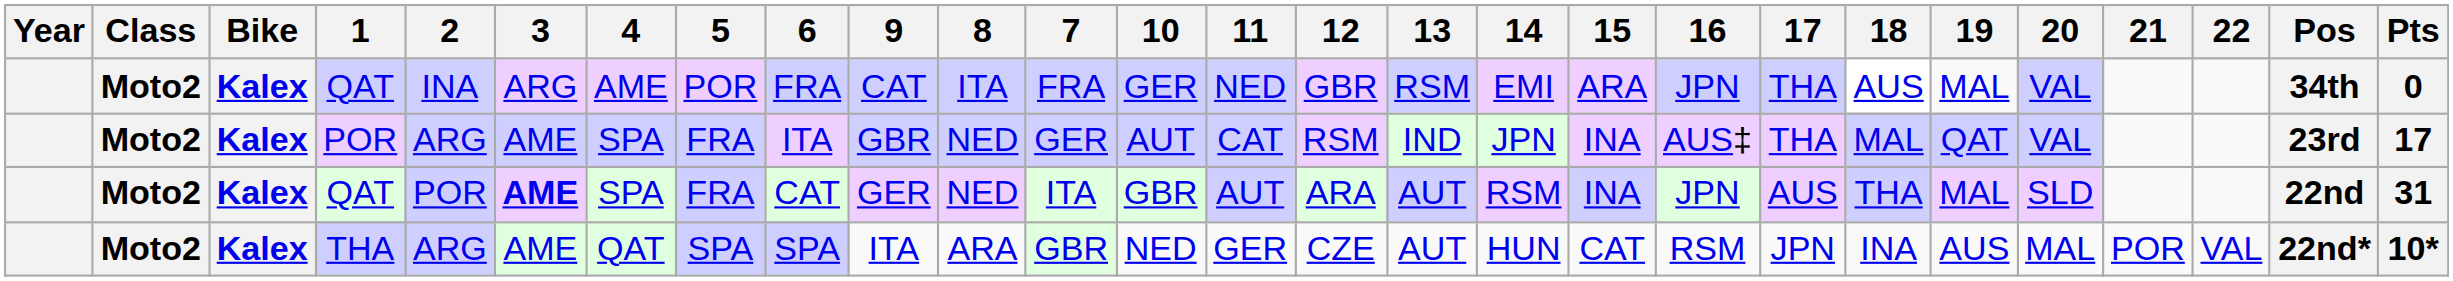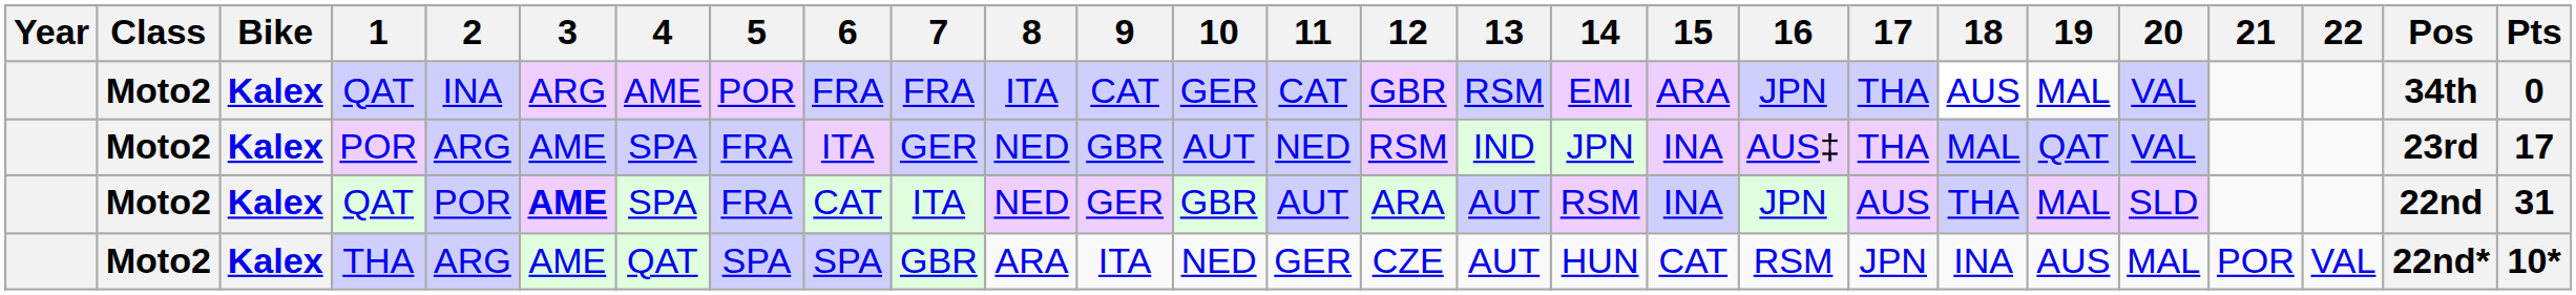 <table class="wikitable" style="text-align:center;">
 <tr>
 <th>Year</th>
 <th>Class</th>
 <th>Bike</th>
 <th>1</th>
 <th>2</th>
 <th>3</th>
 <th>4</th>
 <th>5</th>
 <th>6</th>
+<th>7</th>
+<th>8</th>
 <th>9</th>
-<th>8</th>
-<th>7</th>
 <th>10</th>
 <th>11</th>
 <th>12</th>
 <th>13</th>
 <th>14</th>
 <th>15</th>
 <th>16</th>
 <th>17</th>
 <th>18</th>
 <th>19</th>
 <th>20</th>
 <th>21</th>
 <th>22</th>
 <th>Pos</th>
 <th>Pts</th>
 </tr>
 <tr>
 <th></th>
 <th>Moto2</th>
 <th><a href='#'>Kalex</a></th>
 <td style="background:#cfcfff;"><a href='#'>QAT</a><br></td>
 <td style="background:#cfcfff;"><a href='#'>INA</a><br></td>
 <td style="background:#efcfff;"><a href='#'>ARG</a><br></td>
 <td style="background:#efcfff;"><a href='#'>AME</a><br></td>
 <td style="background:#efcfff;"><a href='#'>POR</a><br></td>
 <td style="background:#CFCFFF;"><a href='#'>FRA</a><br></td>
+<td style="background:#cfcfff;"><a href='#'>FRA</a><br></td>
+<td style="background:#cfcfff;"><a href='#'>ITA</a><br></td>
 <td style="background:#cfcfff;"><a href='#'>CAT</a><br></td>
-<td style="background:#cfcfff;"><a href='#'>ITA</a><br></td>
-<td style="background:#cfcfff;"><a href='#'>FRA</a><br></td>
 <td style="background:#cfcfff;"><a href='#'>GER</a><br></td>
-<td style="background:#cfcfff;"><a href='#'>NED</a><br></td>
+<td style="background:#cfcfff;"><a href='#'>CAT</a><br></td>
 <td style="background:#efcfff;"><a href='#'>GBR</a><br></td>
 <td style="background:#cfcfff;"><a href='#'>RSM</a><br></td>
 <td style="background:#efcfff;"><a href='#'>EMI</a><br></td>
 <td style="background:#efcfff;"><a href='#'>ARA</a><br></td>
 <td style="background:#cfcfff;"><a href='#'>JPN</a><br></td>
 <td style="background:#cfcfff;"><a href='#'>THA</a><br></td>
 <td style="background:#ffffff;"><a href='#'>AUS</a><br></td>
 <td><a href='#'>MAL</a></td>
 <td style="background:#cfcfff;"><a href='#'>VAL</a><br></td>
 <td></td>
 <td></td>
 <th>34th</th>
 <th>0</th>
 </tr>
 <tr>
 <th></th>
 <th>Moto2</th>
 <th><a href='#'>Kalex</a></th>
 <td style="background:#efcfff;"><a href='#'>POR</a><br></td>
 <td style="background:#cfcfff;"><a href='#'>ARG</a><br></td>
 <td style="background:#cfcfff;"><a href='#'>AME</a><br></td>
 <td style="background:#cfcfff;"><a href='#'>SPA</a><br></td>
 <td style="background:#cfcfff;"><a href='#'>FRA</a><br></td>
 <td style="background:#efcfff;"><a href='#'>ITA</a><br></td>
+<td style="background:#cfcfff;"><a href='#'>GER</a><br></td>
+<td style="background:#cfcfff;"><a href='#'>NED</a><br></td>
 <td style="background:#cfcfff;"><a href='#'>GBR</a><br></td>
+<td style="background:#cfcfff;"><a href='#'>AUT</a><br></td>
 <td style="background:#cfcfff;"><a href='#'>NED</a><br></td>
-<td style="background:#cfcfff;"><a href='#'>GER</a><br></td>
-<td style="background:#cfcfff;"><a href='#'>AUT</a><br></td>
-<td style="background:#cfcfff;"><a href='#'>CAT</a><br></td>
 <td style="background:#efcfff;"><a href='#'>RSM</a><br></td>
 <td style="background:#dfffdf;"><a href='#'>IND</a><br></td>
 <td style="background:#dfffdf;"><a href='#'>JPN</a><br></td>
 <td style="background:#efcfff;"><a href='#'>INA</a><br></td>
 <td style="background:#efcfff;"><a href='#'>AUS</a>‡<br></td>
 <td style="background:#efcfff;"><a href='#'>THA</a><br></td>
 <td style="background:#cfcfff;"><a href='#'>MAL</a><br></td>
 <td style="background:#cfcfff;"><a href='#'>QAT</a><br></td>
 <td style="background:#cfcfff;"><a href='#'>VAL</a><br></td>
 <td></td>
 <td></td>
 <th>23rd</th>
 <th>17</th>
 </tr>
 <tr>
 <th></th>
 <th>Moto2</th>
 <th><a href='#'>Kalex</a></th>
 <td style="background:#dfffdf;"><a href='#'>QAT</a><br></td>
 <td style="background:#cfcfff;"><a href='#'>POR</a><br></td>
 <td style="background:#efcfff;"><strong><a href='#'>AME</a><br></strong></td>
 <td style="background:#dfffdf;"><a href='#'>SPA</a><br></td>
 <td style="background:#cfcfff;"><a href='#'>FRA</a><br></td>
 <td style="background:#dfffdf;"><a href='#'>CAT</a><br></td>
+<td style="background:#dfffdf;"><a href='#'>ITA</a><br></td>
+<td style="background:#efcfff;"><a href='#'>NED</a><br></td>
 <td style="background:#efcfff;"><a href='#'>GER</a><br></td>
-<td style="background:#efcfff;"><a href='#'>NED</a><br></td>
-<td style="background:#dfffdf;"><a href='#'>ITA</a><br></td>
 <td style="background:#dfffdf;"><a href='#'>GBR</a><br></td>
 <td style="background:#cfcfff;"><a href='#'>AUT</a><br></td>
 <td style="background:#dfffdf;"><a href='#'>ARA</a><br></td>
 <td style="background:#cfcfff;"><a href='#'>AUT</a><br></td>
 <td style="background:#efcfff;"><a href='#'>RSM</a><br></td>
 <td style="background:#cfcfff;"><a href='#'>INA</a><br></td>
 <td style="background:#dfffdf;"><a href='#'>JPN</a><br></td>
 <td style="background:#efcfff;"><a href='#'>AUS</a><br></td>
 <td style="background:#cfcfff;"><a href='#'>THA</a><br></td>
 <td style="background:#efcfff;"><a href='#'>MAL</a><br></td>
 <td style="background:#efcfff;"><a href='#'>SLD</a><br></td>
 <td></td>
 <td></td>
 <th>22nd</th>
 <th>31</th>
 </tr>
 <tr>
 <th></th>
 <th>Moto2</th>
 <th><a href='#'>Kalex</a></th>
 <td style="background:#CFCFFF;"><a href='#'>THA</a><br></td>
 <td style="background:#CFCFFF;"><a href='#'>ARG</a><br></td>
 <td style="background:#DFFFDF;"><a href='#'>AME</a><br></td>
 <td style="background:#DFFFDF;"><a href='#'>QAT</a><br></td>
 <td style="background:#CFCFFF;"><a href='#'>SPA</a><br></td>
 <td style="background:#cfcfff;"><a href='#'>SPA</a><br></td>
+<td style="background:#DFFFDF;"><a href='#'>GBR</a><br></td>
+<td style="background:#;"><a href='#'>ARA</a><br></td>
 <td style="background:#;"><a href='#'>ITA</a><br></td>
-<td style="background:#;"><a href='#'>ARA</a><br></td>
-<td style="background:#DFFFDF;"><a href='#'>GBR</a><br></td>
 <td style="background:#;"><a href='#'>NED</a><br></td>
 <td style="background:#;"><a href='#'>GER</a><br></td>
 <td style="background:#;"><a href='#'>CZE</a><br></td>
 <td style="background:#;"><a href='#'>AUT</a><br></td>
 <td style="background:#;"><a href='#'>HUN</a><br></td>
 <td style="background:#;"><a href='#'>CAT</a><br></td>
 <td style="background:#;"><a href='#'>RSM</a><br></td>
 <td style="background:#;"><a href='#'>JPN</a><br></td>
 <td style="background:#;"><a href='#'>INA</a><br></td>
 <td style="background:#;"><a href='#'>AUS</a><br></td>
 <td style="background:#;"><a href='#'>MAL</a><br></td>
 <td style="background:#;"><a href='#'>POR</a><br></td>
 <td style="background:#;"><a href='#'>VAL</a><br></td>
 <th>22nd*</th>
 <th>10*</th>
 </tr>
 </table>
